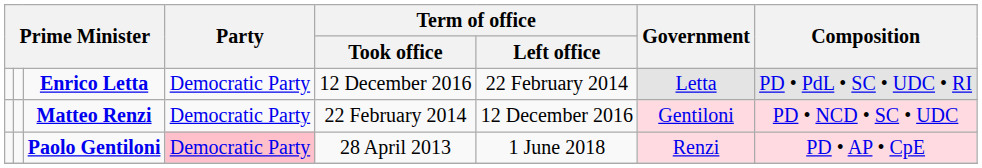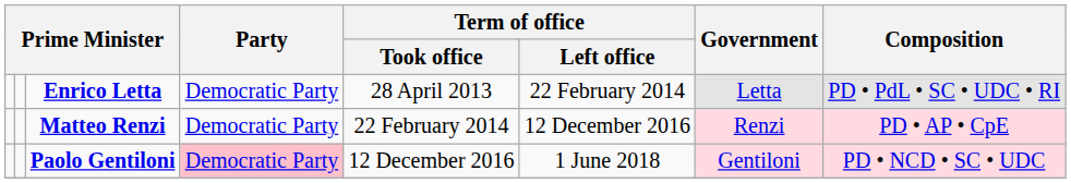 <table class="wikitable" style="text-align:center">
 <tr>
 <th colspan=3 rowspan=2>Prime Minister</th>
 <th rowspan=2>Party</th>
 <th colspan=2>Term of office</th>
 <th rowspan=2>Government</th>
 <th rowspan=2>Composition</th>
 </tr>
 <tr>
 <th>Took office</th>
 <th>Left office</th>
 </tr>
 <tr>
 <td style="background:"></td>
 <td></td>
 <td><strong><a href='#'>Enrico Letta</a></strong><br></td>
 <td><a href='#'>Democratic Party</a></td>
-<td class="nowrap">12 December 2016</td>
+<td class="nowrap">28 April 2013</td>
 <td class="nowrap">22 February 2014</td>
 <td bgcolor=#E4E4E4><a href='#'>Letta</a></td>
 <td bgcolor=#E4E4E4><a href='#'>PD</a> • <a href='#'>PdL</a> • <a href='#'>SC</a> • <a href='#'>UDC</a> • <a href='#'>RI</a> <br></td>
 </tr>
 <tr>
 <td style="background:"></td>
 <td></td>
 <td><strong><a href='#'>Matteo Renzi</a></strong><br></td>
 <td><a href='#'>Democratic Party</a></td>
 <td class="nowrap">22 February 2014</td>
 <td class="nowrap">12 December 2016</td>
-<td bgcolor=#FFDAE1><a href='#'>Gentiloni</a></td>
-<td bgcolor=#FFDAE1><a href='#'>PD</a> • <a href='#'>NCD</a> • <a href='#'>SC</a> • <a href='#'>UDC</a></td>
+<td bgcolor=#FFDAE1><a href='#'>Renzi</a></td>
+<td bgcolor=#FFDAE1><a href='#'>PD</a> • <a href='#'>AP</a> • <a href='#'>CpE</a></td>
 </tr>
 <tr>
 <td style="background:"></td>
 <td></td>
 <td><strong><a href='#'>Paolo Gentiloni</a></strong><br></td>
 <td style="background: pink;"><a href='#'>Democratic Party</a></td>
-<td class="nowrap">28 April 2013</td>
+<td class="nowrap">12 December 2016</td>
 <td class="nowrap">1 June 2018</td>
-<td bgcolor=#FFDAE1><a href='#'>Renzi</a></td>
-<td bgcolor=#FFDAE1><a href='#'>PD</a> • <a href='#'>AP</a> • <a href='#'>CpE</a></td>
+<td bgcolor=#FFDAE1><a href='#'>Gentiloni</a></td>
+<td bgcolor=#FFDAE1><a href='#'>PD</a> • <a href='#'>NCD</a> • <a href='#'>SC</a> • <a href='#'>UDC</a></td>
 </tr>
 <tr>
 </tr>
 </table>
